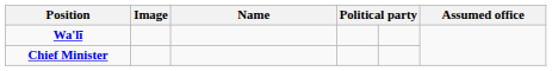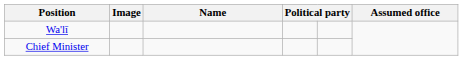 <table class="wikitable sortable" style="text-align: center;">
 <tr>
 <th width="150px">Position</th>
 <th>Image</th>
 <th width="200px">Name</th>
 <th colspan="2">Political party</th>
 <th width="150px">Assumed office</th>
 </tr>
 <tr>
-<td><strong><a href='#'>Wa'lī</a></strong></td>
+<td><a href='#'>Wa'lī</a></td>
 <td></td>
 <td></td>
 <td></td>
 <td></td>
 </tr>
 <tr>
-<td><strong><a href='#'>Chief Minister</a></strong></td>
+<td><a href='#'>Chief Minister</a></td>
 <td></td>
 <td></td>
 <td></td>
 <td></td>
 </tr>
 </table>
